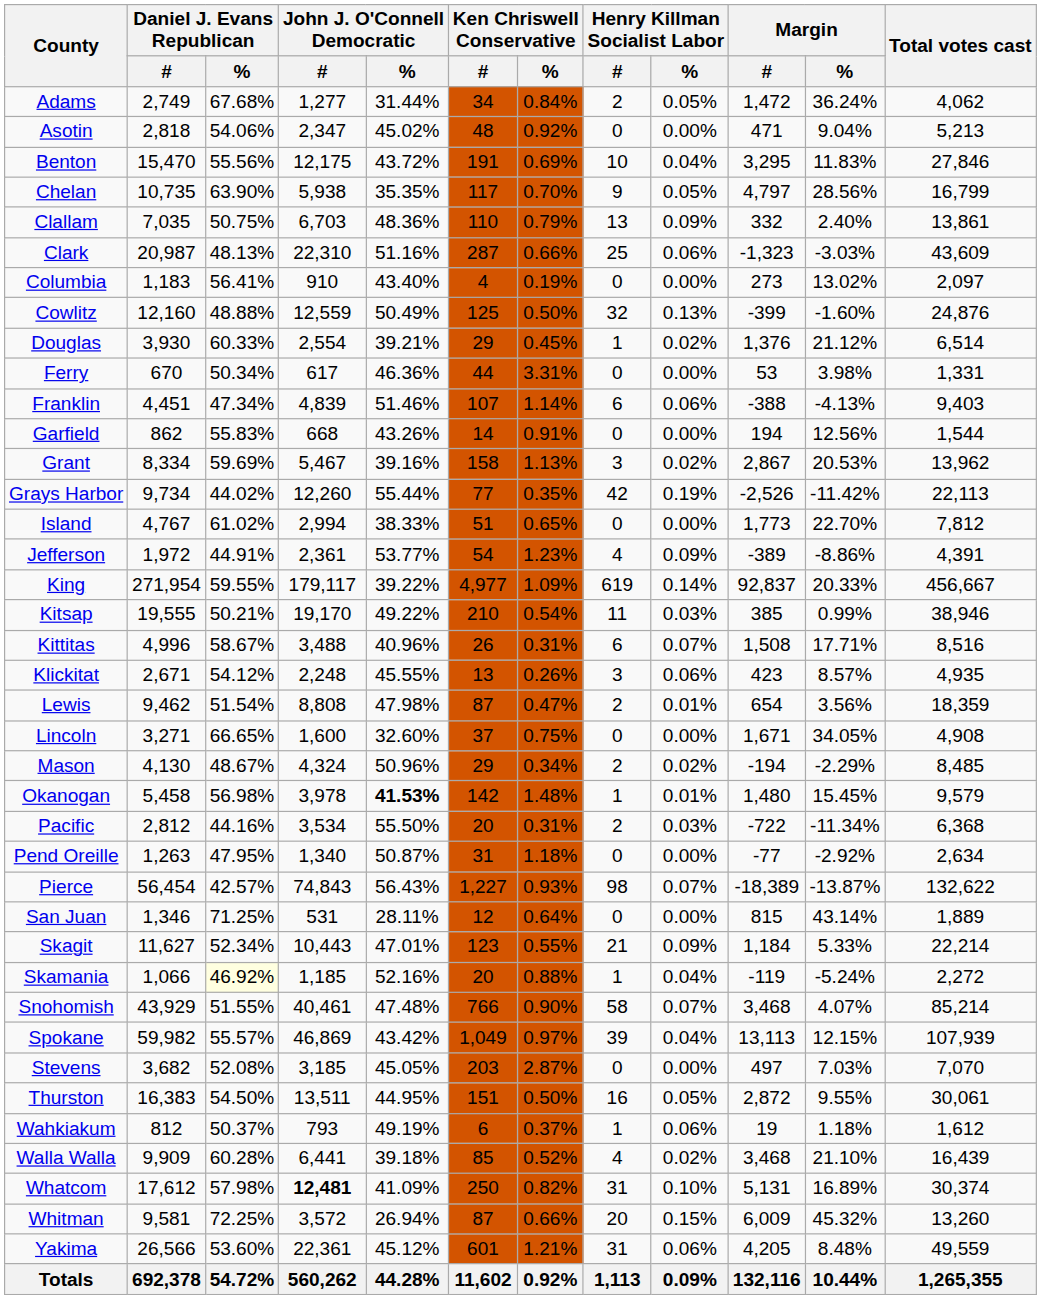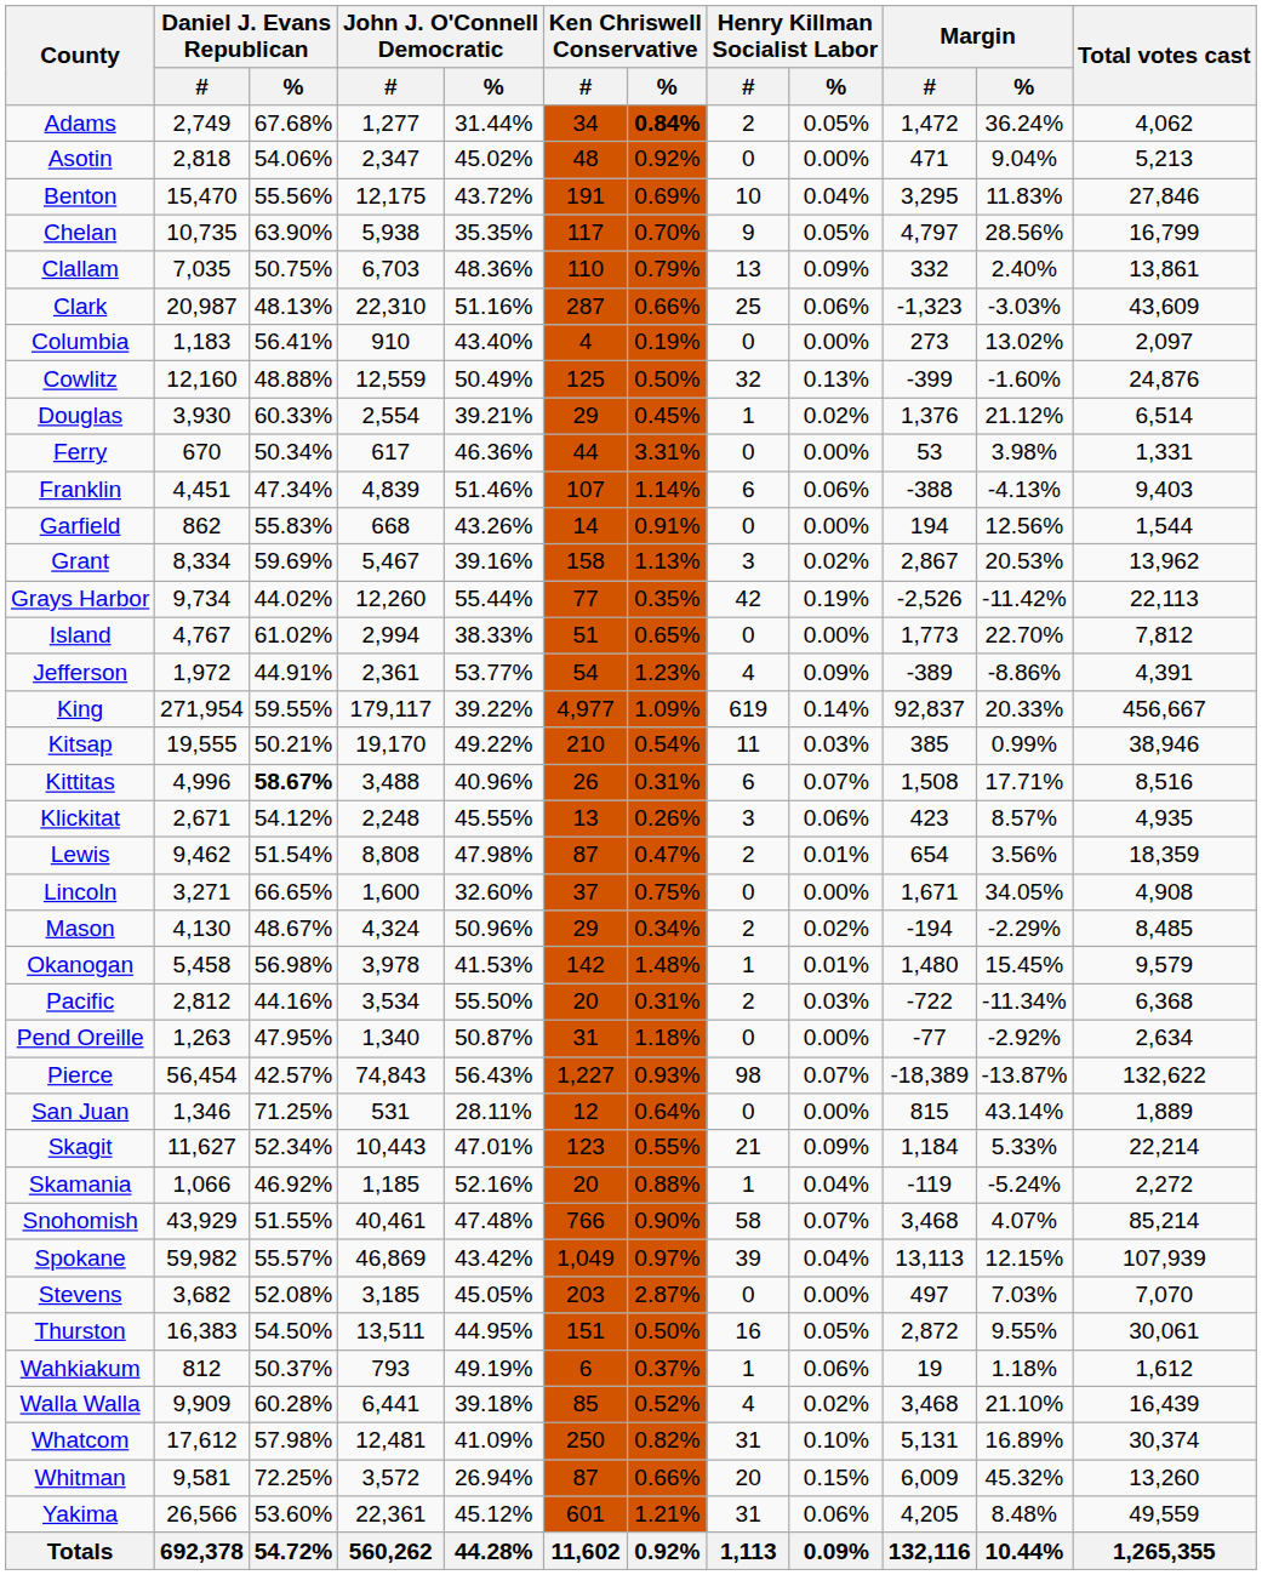 <table class="wikitable sortable">
 <tr>
 <th style="text-align:center;" rowspan="2">County</th>
 <th style="text-align:center;" colspan="2">Daniel J. Evans<br>Republican</th>
 <th style="text-align:center;" colspan="2">John J. O'Connell<br>Democratic</th>
 <th style="text-align:center;" colspan="2">Ken Chriswell<br>Conservative</th>
 <th style="text-align:center;" colspan="2">Henry Killman<br>Socialist Labor</th>
 <th style="text-align:center;" colspan="2">Margin</th>
 <th style="text-align:center;" rowspan="2">Total votes cast</th>
 </tr>
 <tr bgcolor="lightgrey">
 <th style="text-align:center;" data-sort-type="number">#</th>
 <th style="text-align:center;" data-sort-type="number">%</th>
 <th style="text-align:center;" data-sort-type="number">#</th>
 <th style="text-align:center;" data-sort-type="number">%</th>
 <th style="text-align:center;" data-sort-type="number">#</th>
 <th style="text-align:center;" data-sort-type="number">%</th>
 <th style="text-align:center;" data-sort-type="number">#</th>
 <th style="text-align:center;" data-sort-type="number">%</th>
 <th style="text-align:center;" data-sort-type="number">#</th>
 <th style="text-align:center;" data-sort-type="number">%</th>
 </tr>
 <tr style="text-align:center;">
 <td><a href='#'>Adams</a></td>
 <td>2,749</td>
 <td>67.68%</td>
 <td>1,277</td>
 <td>31.44%</td>
 <td bgcolor="#D35400">34</td>
-<td bgcolor="#D35400">0.84%</td>
+<td bgcolor="#D35400"><strong>0.84%</strong></td>
 <td>2</td>
 <td>0.05%</td>
 <td>1,472</td>
 <td>36.24%</td>
 <td>4,062</td>
 </tr>
 <tr style="text-align:center;">
 <td><a href='#'>Asotin</a></td>
 <td>2,818</td>
 <td>54.06%</td>
 <td>2,347</td>
 <td>45.02%</td>
 <td bgcolor="#D35400">48</td>
 <td bgcolor="#D35400">0.92%</td>
 <td>0</td>
 <td>0.00%</td>
 <td>471</td>
 <td>9.04%</td>
 <td>5,213</td>
 </tr>
 <tr style="text-align:center;">
 <td><a href='#'>Benton</a></td>
 <td>15,470</td>
 <td>55.56%</td>
 <td>12,175</td>
 <td>43.72%</td>
 <td bgcolor="#D35400">191</td>
 <td bgcolor="#D35400">0.69%</td>
 <td>10</td>
 <td>0.04%</td>
 <td>3,295</td>
 <td>11.83%</td>
 <td>27,846</td>
 </tr>
 <tr style="text-align:center;">
 <td><a href='#'>Chelan</a></td>
 <td>10,735</td>
 <td>63.90%</td>
 <td>5,938</td>
 <td>35.35%</td>
 <td bgcolor="#D35400">117</td>
 <td bgcolor="#D35400">0.70%</td>
 <td>9</td>
 <td>0.05%</td>
 <td>4,797</td>
 <td>28.56%</td>
 <td>16,799</td>
 </tr>
 <tr style="text-align:center;">
 <td><a href='#'>Clallam</a></td>
 <td>7,035</td>
 <td>50.75%</td>
 <td>6,703</td>
 <td>48.36%</td>
 <td bgcolor="#D35400">110</td>
 <td bgcolor="#D35400">0.79%</td>
 <td>13</td>
 <td>0.09%</td>
 <td>332</td>
 <td>2.40%</td>
 <td>13,861</td>
 </tr>
 <tr style="text-align:center;">
 <td><a href='#'>Clark</a></td>
 <td>20,987</td>
 <td>48.13%</td>
 <td>22,310</td>
 <td>51.16%</td>
 <td bgcolor="#D35400">287</td>
 <td bgcolor="#D35400">0.66%</td>
 <td>25</td>
 <td>0.06%</td>
 <td>-1,323</td>
 <td>-3.03%</td>
 <td>43,609</td>
 </tr>
 <tr style="text-align:center;">
 <td><a href='#'>Columbia</a></td>
 <td>1,183</td>
 <td>56.41%</td>
 <td>910</td>
 <td>43.40%</td>
 <td bgcolor="#D35400">4</td>
 <td bgcolor="#D35400">0.19%</td>
 <td>0</td>
 <td>0.00%</td>
 <td>273</td>
 <td>13.02%</td>
 <td>2,097</td>
 </tr>
 <tr style="text-align:center;">
 <td><a href='#'>Cowlitz</a></td>
 <td>12,160</td>
 <td>48.88%</td>
 <td>12,559</td>
 <td>50.49%</td>
 <td bgcolor="#D35400">125</td>
 <td bgcolor="#D35400">0.50%</td>
 <td>32</td>
 <td>0.13%</td>
 <td>-399</td>
 <td>-1.60%</td>
 <td>24,876</td>
 </tr>
 <tr style="text-align:center;">
 <td><a href='#'>Douglas</a></td>
 <td>3,930</td>
 <td>60.33%</td>
 <td>2,554</td>
 <td>39.21%</td>
 <td bgcolor="#D35400">29</td>
 <td bgcolor="#D35400">0.45%</td>
 <td>1</td>
 <td>0.02%</td>
 <td>1,376</td>
 <td>21.12%</td>
 <td>6,514</td>
 </tr>
 <tr style="text-align:center;">
 <td><a href='#'>Ferry</a></td>
 <td>670</td>
 <td>50.34%</td>
 <td>617</td>
 <td>46.36%</td>
 <td bgcolor="#D35400">44</td>
 <td bgcolor="#D35400">3.31%</td>
 <td>0</td>
 <td>0.00%</td>
 <td>53</td>
 <td>3.98%</td>
 <td>1,331</td>
 </tr>
 <tr style="text-align:center;">
 <td><a href='#'>Franklin</a></td>
 <td>4,451</td>
 <td>47.34%</td>
 <td>4,839</td>
 <td>51.46%</td>
 <td bgcolor="#D35400">107</td>
 <td bgcolor="#D35400">1.14%</td>
 <td>6</td>
 <td>0.06%</td>
 <td>-388</td>
 <td>-4.13%</td>
 <td>9,403</td>
 </tr>
 <tr style="text-align:center;">
 <td><a href='#'>Garfield</a></td>
 <td>862</td>
 <td>55.83%</td>
 <td>668</td>
 <td>43.26%</td>
 <td bgcolor="#D35400">14</td>
 <td bgcolor="#D35400">0.91%</td>
 <td>0</td>
 <td>0.00%</td>
 <td>194</td>
 <td>12.56%</td>
 <td>1,544</td>
 </tr>
 <tr style="text-align:center;">
 <td><a href='#'>Grant</a></td>
 <td>8,334</td>
 <td>59.69%</td>
 <td>5,467</td>
 <td>39.16%</td>
 <td bgcolor="#D35400">158</td>
 <td bgcolor="#D35400">1.13%</td>
 <td>3</td>
 <td>0.02%</td>
 <td>2,867</td>
 <td>20.53%</td>
 <td>13,962</td>
 </tr>
 <tr style="text-align:center;">
 <td><a href='#'>Grays Harbor</a></td>
 <td>9,734</td>
 <td>44.02%</td>
 <td>12,260</td>
 <td>55.44%</td>
 <td bgcolor="#D35400">77</td>
 <td bgcolor="#D35400">0.35%</td>
 <td>42</td>
 <td>0.19%</td>
 <td>-2,526</td>
 <td>-11.42%</td>
 <td>22,113</td>
 </tr>
 <tr style="text-align:center;">
 <td><a href='#'>Island</a></td>
 <td>4,767</td>
 <td>61.02%</td>
 <td>2,994</td>
 <td>38.33%</td>
 <td bgcolor="#D35400">51</td>
 <td bgcolor="#D35400">0.65%</td>
 <td>0</td>
 <td>0.00%</td>
 <td>1,773</td>
 <td>22.70%</td>
 <td>7,812</td>
 </tr>
 <tr style="text-align:center;">
 <td><a href='#'>Jefferson</a></td>
 <td>1,972</td>
 <td>44.91%</td>
 <td>2,361</td>
 <td>53.77%</td>
 <td bgcolor="#D35400">54</td>
 <td bgcolor="#D35400">1.23%</td>
 <td>4</td>
 <td>0.09%</td>
 <td>-389</td>
 <td>-8.86%</td>
 <td>4,391</td>
 </tr>
 <tr style="text-align:center;">
 <td><a href='#'>King</a></td>
 <td>271,954</td>
 <td>59.55%</td>
 <td>179,117</td>
 <td>39.22%</td>
 <td bgcolor="#D35400">4,977</td>
 <td bgcolor="#D35400">1.09%</td>
 <td>619</td>
 <td>0.14%</td>
 <td>92,837</td>
 <td>20.33%</td>
 <td>456,667</td>
 </tr>
 <tr style="text-align:center;">
 <td><a href='#'>Kitsap</a></td>
 <td>19,555</td>
 <td>50.21%</td>
 <td>19,170</td>
 <td>49.22%</td>
 <td bgcolor="#D35400">210</td>
 <td bgcolor="#D35400">0.54%</td>
 <td>11</td>
 <td>0.03%</td>
 <td>385</td>
 <td>0.99%</td>
 <td>38,946</td>
 </tr>
 <tr style="text-align:center;">
 <td><a href='#'>Kittitas</a></td>
 <td>4,996</td>
-<td>58.67%</td>
+<td><strong>58.67%</strong></td>
 <td>3,488</td>
 <td>40.96%</td>
 <td bgcolor="#D35400">26</td>
 <td bgcolor="#D35400">0.31%</td>
 <td>6</td>
 <td>0.07%</td>
 <td>1,508</td>
 <td>17.71%</td>
 <td>8,516</td>
 </tr>
 <tr style="text-align:center;">
 <td><a href='#'>Klickitat</a></td>
 <td>2,671</td>
 <td>54.12%</td>
 <td>2,248</td>
 <td>45.55%</td>
 <td bgcolor="#D35400">13</td>
 <td bgcolor="#D35400">0.26%</td>
 <td>3</td>
 <td>0.06%</td>
 <td>423</td>
 <td>8.57%</td>
 <td>4,935</td>
 </tr>
 <tr style="text-align:center;">
 <td><a href='#'>Lewis</a></td>
 <td>9,462</td>
 <td>51.54%</td>
 <td>8,808</td>
 <td>47.98%</td>
 <td bgcolor="#D35400">87</td>
 <td bgcolor="#D35400">0.47%</td>
 <td>2</td>
 <td>0.01%</td>
 <td>654</td>
 <td>3.56%</td>
 <td>18,359</td>
 </tr>
 <tr style="text-align:center;">
 <td><a href='#'>Lincoln</a></td>
 <td>3,271</td>
 <td>66.65%</td>
 <td>1,600</td>
 <td>32.60%</td>
 <td bgcolor="#D35400">37</td>
 <td bgcolor="#D35400">0.75%</td>
 <td>0</td>
 <td>0.00%</td>
 <td>1,671</td>
 <td>34.05%</td>
 <td>4,908</td>
 </tr>
 <tr style="text-align:center;">
 <td><a href='#'>Mason</a></td>
 <td>4,130</td>
 <td>48.67%</td>
 <td>4,324</td>
 <td>50.96%</td>
 <td bgcolor="#D35400">29</td>
 <td bgcolor="#D35400">0.34%</td>
 <td>2</td>
 <td>0.02%</td>
 <td>-194</td>
 <td>-2.29%</td>
 <td>8,485</td>
 </tr>
 <tr style="text-align:center;">
 <td><a href='#'>Okanogan</a></td>
 <td>5,458</td>
 <td>56.98%</td>
 <td>3,978</td>
-<td><strong>41.53%</strong></td>
+<td>41.53%</td>
 <td bgcolor="#D35400">142</td>
 <td bgcolor="#D35400">1.48%</td>
 <td>1</td>
 <td>0.01%</td>
 <td>1,480</td>
 <td>15.45%</td>
 <td>9,579</td>
 </tr>
 <tr style="text-align:center;">
 <td><a href='#'>Pacific</a></td>
 <td>2,812</td>
 <td>44.16%</td>
 <td>3,534</td>
 <td>55.50%</td>
 <td bgcolor="#D35400">20</td>
 <td bgcolor="#D35400">0.31%</td>
 <td>2</td>
 <td>0.03%</td>
 <td>-722</td>
 <td>-11.34%</td>
 <td>6,368</td>
 </tr>
 <tr style="text-align:center;">
 <td><a href='#'>Pend Oreille</a></td>
 <td>1,263</td>
 <td>47.95%</td>
 <td>1,340</td>
 <td>50.87%</td>
 <td bgcolor="#D35400">31</td>
 <td bgcolor="#D35400">1.18%</td>
 <td>0</td>
 <td>0.00%</td>
 <td>-77</td>
 <td>-2.92%</td>
 <td>2,634</td>
 </tr>
 <tr style="text-align:center;">
 <td><a href='#'>Pierce</a></td>
 <td>56,454</td>
 <td>42.57%</td>
 <td>74,843</td>
 <td>56.43%</td>
 <td bgcolor="#D35400">1,227</td>
 <td bgcolor="#D35400">0.93%</td>
 <td>98</td>
 <td>0.07%</td>
 <td>-18,389</td>
 <td>-13.87%</td>
 <td>132,622</td>
 </tr>
 <tr style="text-align:center;">
 <td><a href='#'>San Juan</a></td>
 <td>1,346</td>
 <td>71.25%</td>
 <td>531</td>
 <td>28.11%</td>
 <td bgcolor="#D35400">12</td>
 <td bgcolor="#D35400">0.64%</td>
 <td>0</td>
 <td>0.00%</td>
 <td>815</td>
 <td>43.14%</td>
 <td>1,889</td>
 </tr>
 <tr style="text-align:center;">
 <td><a href='#'>Skagit</a></td>
 <td>11,627</td>
 <td>52.34%</td>
 <td>10,443</td>
 <td>47.01%</td>
 <td bgcolor="#D35400">123</td>
 <td bgcolor="#D35400">0.55%</td>
 <td>21</td>
 <td>0.09%</td>
 <td>1,184</td>
 <td>5.33%</td>
 <td>22,214</td>
 </tr>
 <tr style="text-align:center;">
 <td><a href='#'>Skamania</a></td>
 <td>1,066</td>
-<td style="background: lightyellow;">46.92%</td>
+<td>46.92%</td>
 <td>1,185</td>
 <td>52.16%</td>
 <td bgcolor="#D35400">20</td>
 <td bgcolor="#D35400">0.88%</td>
 <td>1</td>
 <td>0.04%</td>
 <td>-119</td>
 <td>-5.24%</td>
 <td>2,272</td>
 </tr>
 <tr style="text-align:center;">
 <td><a href='#'>Snohomish</a></td>
 <td>43,929</td>
 <td>51.55%</td>
 <td>40,461</td>
 <td>47.48%</td>
 <td bgcolor="#D35400">766</td>
 <td bgcolor="#D35400">0.90%</td>
 <td>58</td>
 <td>0.07%</td>
 <td>3,468</td>
 <td>4.07%</td>
 <td>85,214</td>
 </tr>
 <tr style="text-align:center;">
 <td><a href='#'>Spokane</a></td>
 <td>59,982</td>
 <td>55.57%</td>
 <td>46,869</td>
 <td>43.42%</td>
 <td bgcolor="#D35400">1,049</td>
 <td bgcolor="#D35400">0.97%</td>
 <td>39</td>
 <td>0.04%</td>
 <td>13,113</td>
 <td>12.15%</td>
 <td>107,939</td>
 </tr>
 <tr style="text-align:center;">
 <td><a href='#'>Stevens</a></td>
 <td>3,682</td>
 <td>52.08%</td>
 <td>3,185</td>
 <td>45.05%</td>
 <td bgcolor="#D35400">203</td>
 <td bgcolor="#D35400">2.87%</td>
 <td>0</td>
 <td>0.00%</td>
 <td>497</td>
 <td>7.03%</td>
 <td>7,070</td>
 </tr>
 <tr style="text-align:center;">
 <td><a href='#'>Thurston</a></td>
 <td>16,383</td>
 <td>54.50%</td>
 <td>13,511</td>
 <td>44.95%</td>
 <td bgcolor="#D35400">151</td>
 <td bgcolor="#D35400">0.50%</td>
 <td>16</td>
 <td>0.05%</td>
 <td>2,872</td>
 <td>9.55%</td>
 <td>30,061</td>
 </tr>
 <tr style="text-align:center;">
 <td><a href='#'>Wahkiakum</a></td>
 <td>812</td>
 <td>50.37%</td>
 <td>793</td>
 <td>49.19%</td>
 <td bgcolor="#D35400">6</td>
 <td bgcolor="#D35400">0.37%</td>
 <td>1</td>
 <td>0.06%</td>
 <td>19</td>
 <td>1.18%</td>
 <td>1,612</td>
 </tr>
 <tr style="text-align:center;">
 <td><a href='#'>Walla Walla</a></td>
 <td>9,909</td>
 <td>60.28%</td>
 <td>6,441</td>
 <td>39.18%</td>
 <td bgcolor="#D35400">85</td>
 <td bgcolor="#D35400">0.52%</td>
 <td>4</td>
 <td>0.02%</td>
 <td>3,468</td>
 <td>21.10%</td>
 <td>16,439</td>
 </tr>
 <tr style="text-align:center;">
 <td><a href='#'>Whatcom</a></td>
 <td>17,612</td>
 <td>57.98%</td>
-<td><strong>12,481</strong></td>
+<td>12,481</td>
 <td>41.09%</td>
 <td bgcolor="#D35400">250</td>
 <td bgcolor="#D35400">0.82%</td>
 <td>31</td>
 <td>0.10%</td>
 <td>5,131</td>
 <td>16.89%</td>
 <td>30,374</td>
 </tr>
 <tr style="text-align:center;">
 <td><a href='#'>Whitman</a></td>
 <td>9,581</td>
 <td>72.25%</td>
 <td>3,572</td>
 <td>26.94%</td>
 <td bgcolor="#D35400">87</td>
 <td bgcolor="#D35400">0.66%</td>
 <td>20</td>
 <td>0.15%</td>
 <td>6,009</td>
 <td>45.32%</td>
 <td>13,260</td>
 </tr>
 <tr style="text-align:center;">
 <td><a href='#'>Yakima</a></td>
 <td>26,566</td>
 <td>53.60%</td>
 <td>22,361</td>
 <td>45.12%</td>
 <td bgcolor="#D35400">601</td>
 <td bgcolor="#D35400">1.21%</td>
 <td>31</td>
 <td>0.06%</td>
 <td>4,205</td>
 <td>8.48%</td>
 <td>49,559</td>
 </tr>
 <tr>
 <th>Totals</th>
 <th>692,378</th>
 <th>54.72%</th>
 <th>560,262</th>
 <th>44.28%</th>
 <th>11,602</th>
 <th>0.92%</th>
 <th>1,113</th>
 <th>0.09%</th>
 <th>132,116</th>
 <th>10.44%</th>
 <th>1,265,355</th>
 </tr>
 </table>
